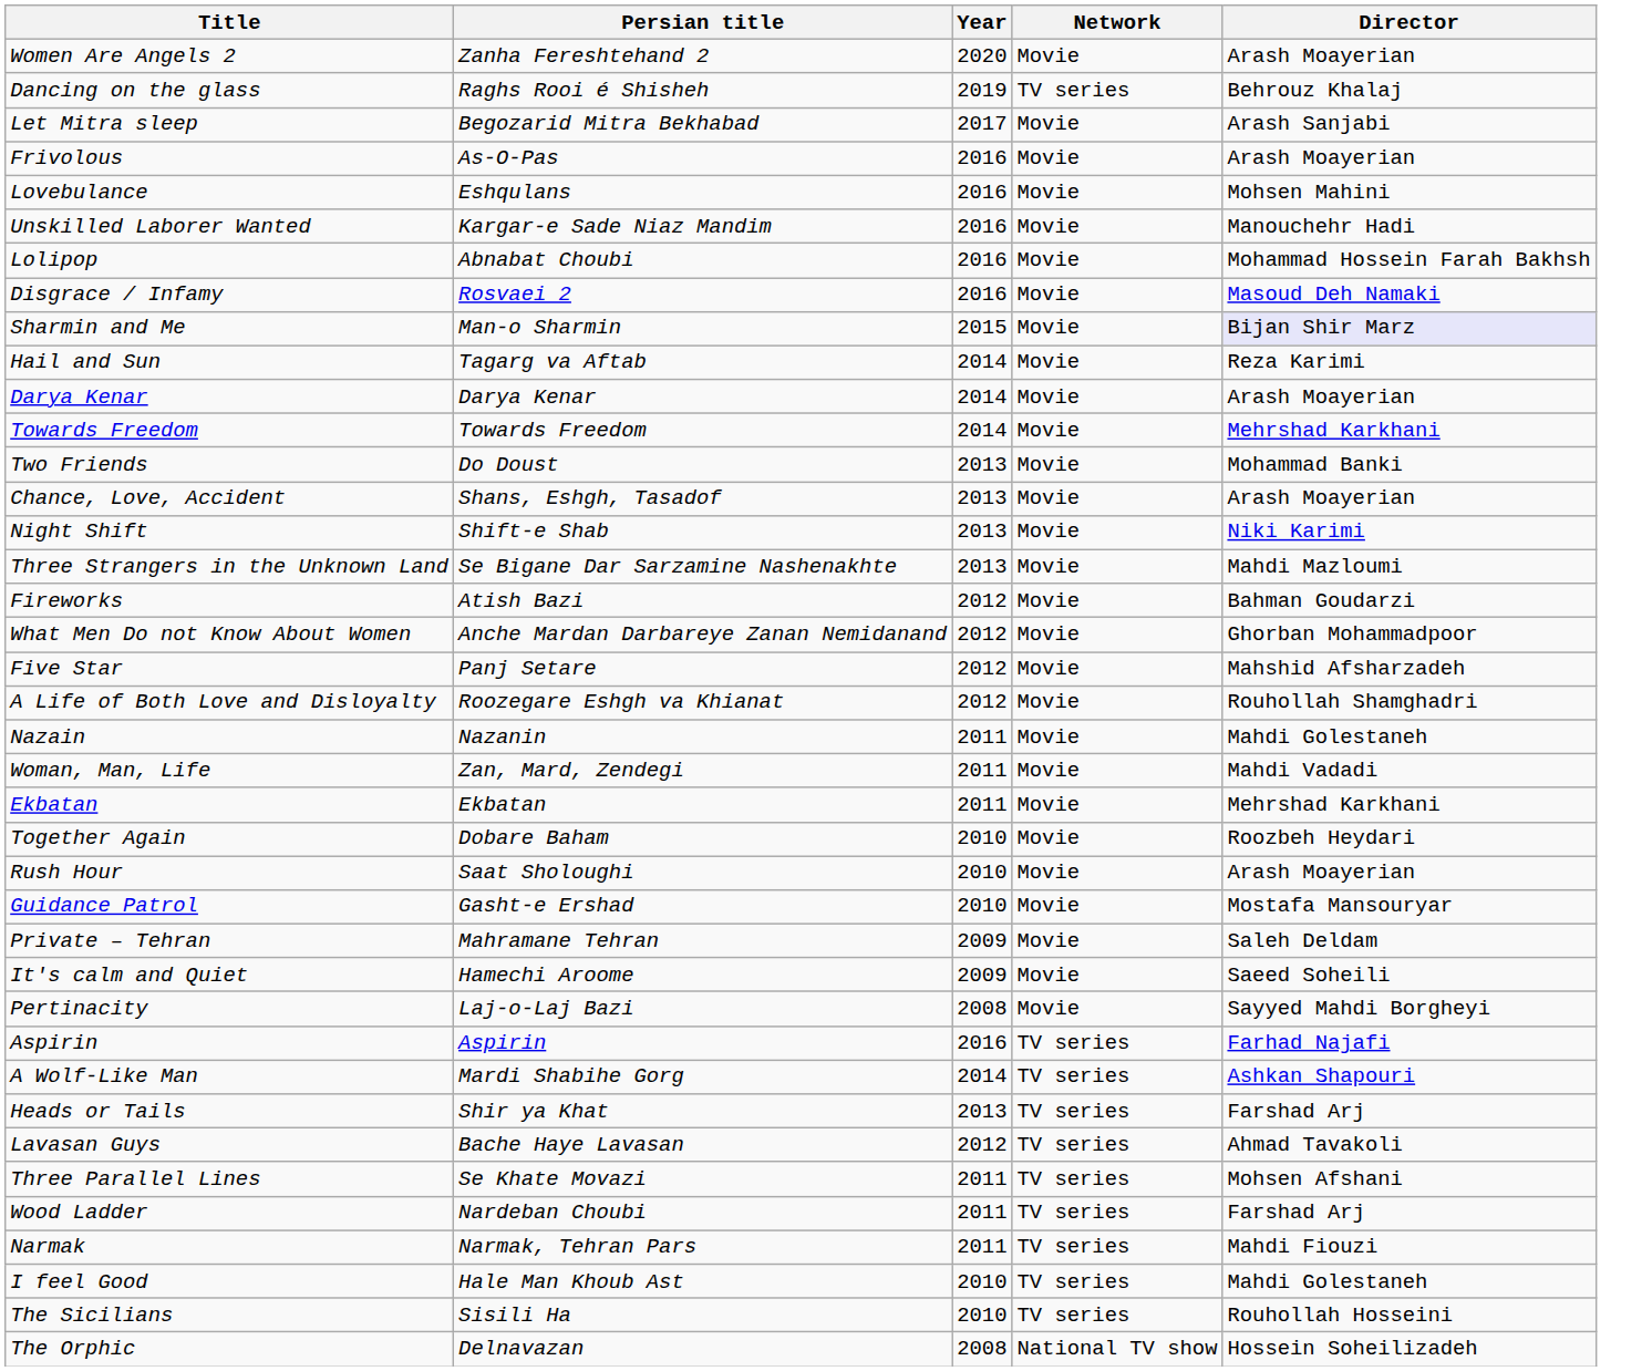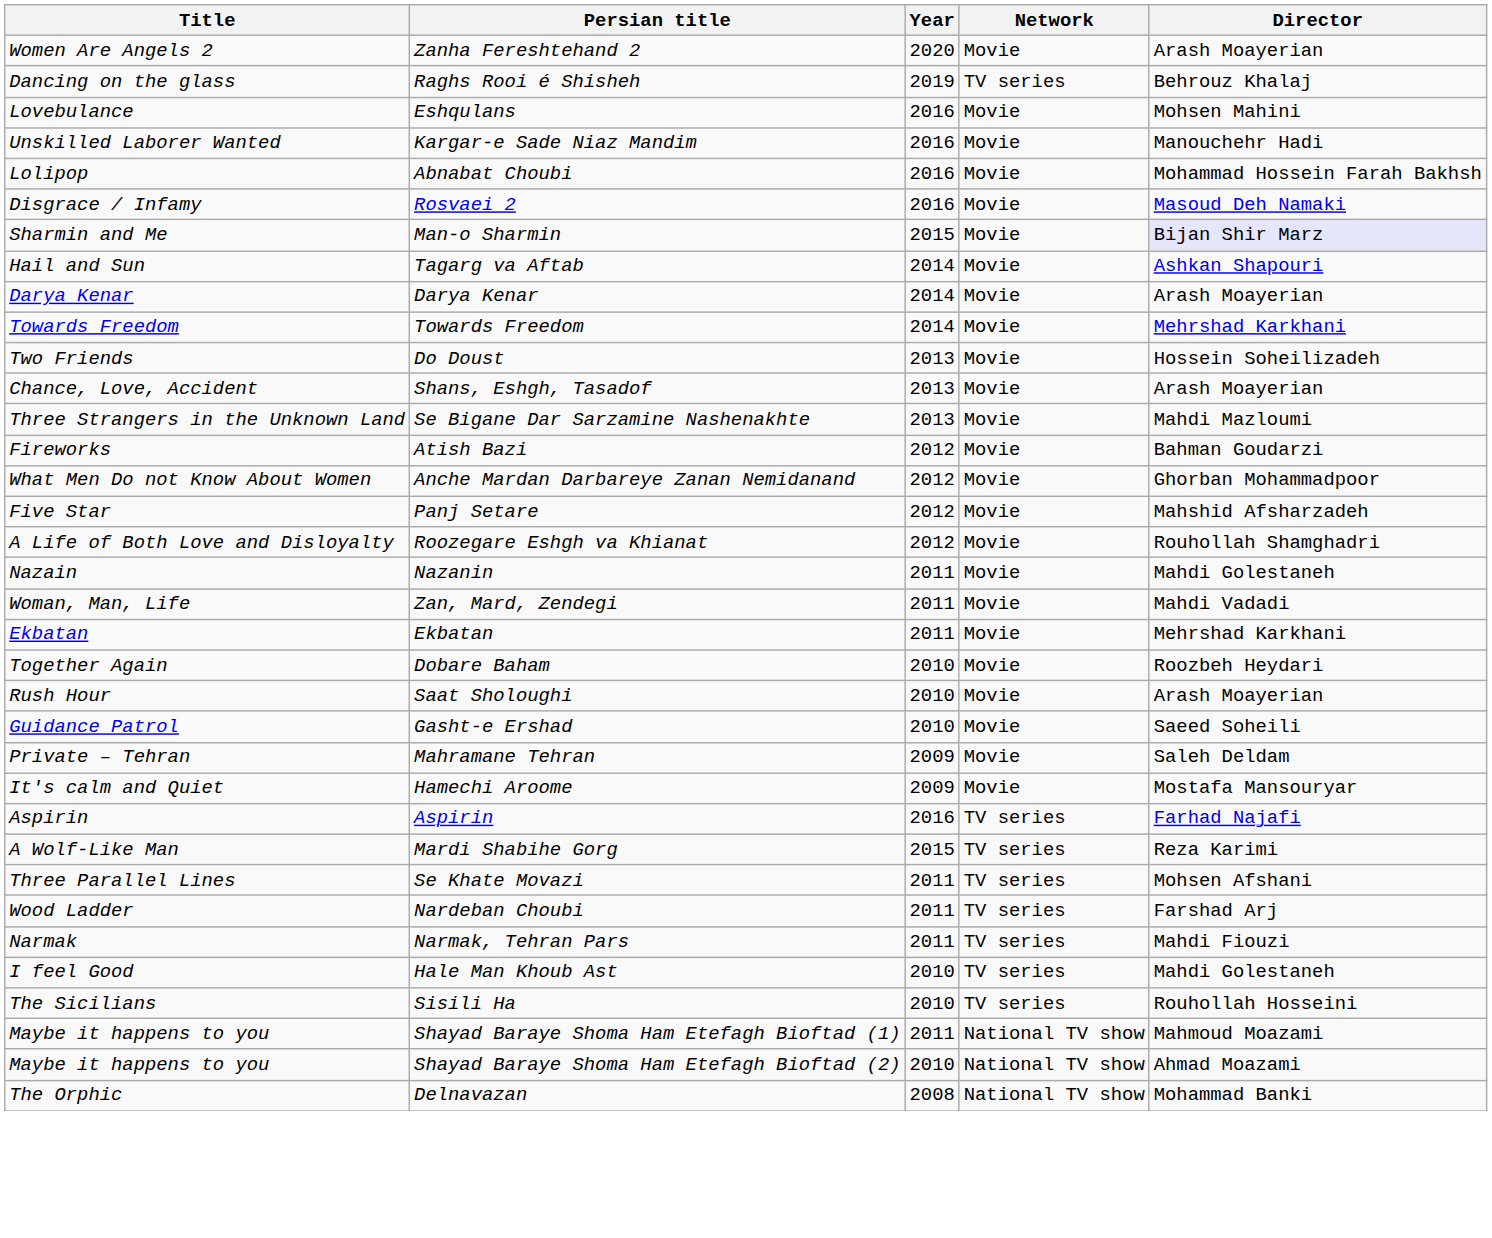 <table class="wikitable">
 <tr>
 <th>Title</th>
 <th>Persian title</th>
 <th>Year</th>
 <th>Network</th>
 <th>Director</th>
 </tr>
 <tr>
 <td><em>Women Are Angels 2</em></td>
 <td><em>Zanha Fereshtehand 2</em></td>
 <td>2020</td>
 <td>Movie</td>
 <td>Arash Moayerian</td>
 </tr>
 <tr>
 <td><em>Dancing on the glass</em></td>
 <td><em>Raghs Rooi é Shisheh</em></td>
 <td>2019</td>
 <td>TV series</td>
 <td>Behrouz Khalaj</td>
-</tr>
-<tr>
-<td><em>Let Mitra sleep</em></td>
-<td><em>Begozarid Mitra Bekhabad</em></td>
-<td>2017</td>
-<td>Movie</td>
-<td>Arash Sanjabi</td>
-</tr>
-<tr>
-<td><em>Frivolous</em></td>
-<td><em>As-O-Pas</em></td>
-<td>2016</td>
-<td>Movie</td>
-<td>Arash Moayerian</td>
 </tr>
 <tr>
 <td><em>Lovebulance</em></td>
 <td><em>Eshqulans</em></td>
 <td>2016</td>
 <td>Movie</td>
 <td>Mohsen Mahini</td>
 </tr>
 <tr>
 <td><em>Unskilled Laborer Wanted</em></td>
 <td><em>Kargar-e Sade Niaz Mandim</em></td>
 <td>2016</td>
 <td>Movie</td>
 <td>Manouchehr Hadi</td>
 </tr>
 <tr>
 <td><em>Lolipop</em></td>
 <td><em>Abnabat Choubi</em></td>
 <td>2016</td>
 <td>Movie</td>
 <td>Mohammad Hossein Farah Bakhsh</td>
 </tr>
 <tr>
 <td><em>Disgrace / Infamy</em></td>
 <td><em><a href='#'>Rosvaei 2</a></em></td>
 <td>2016</td>
 <td>Movie</td>
 <td><a href='#'>Masoud Deh Namaki</a></td>
 </tr>
 <tr>
 <td><em>Sharmin and Me</em></td>
 <td><em>Man-o Sharmin</em></td>
 <td>2015</td>
 <td>Movie</td>
 <td style="background: lavender;">‌Bijan Shir Marz</td>
 </tr>
 <tr>
 <td><em>Hail and Sun</em></td>
 <td><em>Tagarg va Aftab</em></td>
 <td>2014</td>
 <td>Movie</td>
-<td>Reza Karimi</td>
+<td><a href='#'>Ashkan Shapouri</a></td>
 </tr>
 <tr>
 <td><em><a href='#'>Darya Kenar</a></em></td>
 <td><em>Darya Kenar</em></td>
 <td>2014</td>
 <td>Movie</td>
 <td>Arash Moayerian</td>
 </tr>
 <tr>
 <td><em><a href='#'>Towards Freedom</a></em></td>
 <td><em>Towards Freedom</em></td>
 <td>2014</td>
 <td>Movie</td>
 <td><a href='#'>Mehrshad Karkhani</a></td>
 </tr>
 <tr>
 <td><em>Two Friends</em></td>
 <td><em>Do Doust</em></td>
 <td>2013</td>
 <td>Movie</td>
-<td>Mohammad Banki</td>
+<td>Hossein Soheilizadeh</td>
 </tr>
 <tr>
 <td><em>Chance, Love, Accident</em></td>
 <td><em>Shans, Eshgh, Tasadof</em></td>
 <td>2013</td>
 <td>Movie</td>
 <td>Arash Moayerian</td>
-</tr>
-<tr>
-<td><em>Night Shift</em></td>
-<td><em>Shift-e Shab</em></td>
-<td>2013</td>
-<td>Movie</td>
-<td><a href='#'>Niki Karimi</a></td>
 </tr>
 <tr>
 <td><em>Three Strangers in the Unknown Land</em></td>
 <td><em>Se Bigane Dar Sarzamine Nashenakhte</em></td>
 <td>2013</td>
 <td>Movie</td>
 <td>Mahdi Mazloumi</td>
 </tr>
 <tr>
 <td><em>Fireworks</em></td>
 <td><em>Atish Bazi</em></td>
 <td>2012</td>
 <td>Movie</td>
 <td>Bahman Goudarzi</td>
 </tr>
 <tr>
 <td><em>What Men Do not Know About Women</em></td>
 <td><em>Anche Mardan Darbareye Zanan Nemidanand</em></td>
 <td>2012</td>
 <td>Movie</td>
 <td>Ghorban Mohammadpoor</td>
 </tr>
 <tr>
 <td><em>Five Star</em></td>
 <td><em>Panj Setare</em></td>
 <td>2012</td>
 <td>Movie</td>
 <td>Mahshid Afsharzadeh</td>
 </tr>
 <tr>
 <td><em>A Life of Both Love and Disloyalty</em></td>
 <td><em>Roozegare Eshgh va Khianat</em></td>
 <td>2012</td>
 <td>Movie</td>
 <td>Rouhollah Shamghadri</td>
 </tr>
 <tr>
 <td><em>Nazain</em></td>
 <td><em>Nazanin</em></td>
 <td>2011</td>
 <td>Movie</td>
 <td>Mahdi Golestaneh</td>
 </tr>
 <tr>
 <td><em>Woman, Man, Life</em></td>
 <td><em>Zan, Mard, Zendegi</em></td>
 <td>2011</td>
 <td>Movie</td>
 <td>Mahdi Vadadi</td>
 </tr>
 <tr>
 <td><em><a href='#'>Ekbatan</a></em></td>
 <td><em>Ekbatan</em></td>
 <td>2011</td>
 <td>Movie</td>
 <td>Mehrshad Karkhani</td>
 </tr>
 <tr>
 <td><em>Together Again</em></td>
 <td><em>Dobare Baham</em></td>
 <td>2010</td>
 <td>Movie</td>
 <td>Roozbeh Heydari</td>
 </tr>
 <tr>
 <td><em>Rush Hour</em></td>
 <td><em>Saat Sholoughi</em></td>
 <td>2010</td>
 <td>Movie</td>
 <td>Arash Moayerian</td>
 </tr>
 <tr>
 <td><em><a href='#'>Guidance Patrol</a></em></td>
 <td><em>Gasht-e Ershad</em></td>
 <td>2010</td>
 <td>Movie</td>
-<td>Mostafa Mansouryar</td>
+<td>Saeed Soheili</td>
 </tr>
 <tr>
 <td><em>Private – Tehran</em></td>
 <td><em>Mahramane Tehran</em></td>
 <td>2009</td>
 <td>Movie</td>
 <td>Saleh Deldam</td>
 </tr>
 <tr>
 <td><em>It's calm and Quiet</em></td>
 <td><em>Hamechi Aroome</em></td>
 <td>2009</td>
 <td>Movie</td>
-<td>Saeed Soheili</td>
-</tr>
-<tr>
-<td><em>Pertinacity</em></td>
-<td><em>Laj-o-Laj Bazi</em></td>
-<td>2008</td>
-<td>Movie</td>
-<td>Sayyed Mahdi Borgheyi</td>
+<td>Mostafa Mansouryar</td>
 </tr>
 <tr>
 <td><em>Aspirin</em></td>
 <td><em><a href='#'>Aspirin</a></em></td>
 <td>2016</td>
 <td>TV series</td>
 <td><a href='#'>Farhad Najafi</a></td>
 </tr>
 <tr>
 <td><em>A Wolf-Like Man</em></td>
 <td><em>Mardi Shabihe Gorg</em></td>
-<td>2014</td>
+<td>2015</td>
 <td>TV series</td>
-<td><a href='#'>Ashkan Shapouri</a></td>
-</tr>
-<tr>
-<td><em>Heads or Tails</em></td>
-<td><em>Shir ya Khat</em></td>
-<td>2013</td>
-<td>TV series</td>
-<td>Farshad Arj</td>
-</tr>
-<tr>
-<td><em>Lavasan Guys</em></td>
-<td><em>Bache Haye Lavasan</em></td>
-<td>2012</td>
-<td>TV series</td>
-<td>Ahmad Tavakoli</td>
+<td>Reza Karimi</td>
 </tr>
 <tr>
 <td><em>Three Parallel Lines</em></td>
 <td><em>Se Khate Movazi</em></td>
 <td>2011</td>
 <td>TV series</td>
 <td>Mohsen Afshani</td>
 </tr>
 <tr>
 <td><em>Wood Ladder</em></td>
 <td><em>Nardeban Choubi</em></td>
 <td>2011</td>
 <td>TV series</td>
 <td>Farshad Arj</td>
 </tr>
 <tr>
 <td><em>Narmak</em></td>
 <td><em>Narmak, Tehran Pars</em></td>
 <td>2011</td>
 <td>TV series</td>
 <td>Mahdi Fiouzi</td>
 </tr>
 <tr>
 <td><em>I feel Good</em></td>
 <td><em>Hale Man Khoub Ast</em></td>
 <td>2010</td>
 <td>TV series</td>
 <td>Mahdi Golestaneh</td>
 </tr>
 <tr>
 <td><em>The Sicilians</em></td>
 <td><em>Sisili Ha</em></td>
 <td>2010</td>
 <td>TV series</td>
 <td>Rouhollah Hosseini</td>
 </tr>
 <tr>
+<td><em>Maybe it happens to you</em></td>
+<td><em>Shayad Baraye Shoma Ham Etefagh Bioftad (1)</em></td>
+<td>2011</td>
+<td>National TV show</td>
+<td>Mahmoud Moazami</td>
+</tr>
+<tr>
+<td><em>Maybe it happens to you</em></td>
+<td><em>Shayad Baraye Shoma Ham Etefagh Bioftad (2)</em></td>
+<td>2010</td>
+<td>National TV show</td>
+<td>Ahmad Moazami</td>
+</tr>
+<tr>
 <td><em>The Orphic</em></td>
 <td><em>Delnavazan</em></td>
 <td>2008</td>
 <td>National TV show</td>
-<td>Hossein Soheilizadeh</td>
+<td>Mohammad Banki</td>
 </tr>
 </table>
